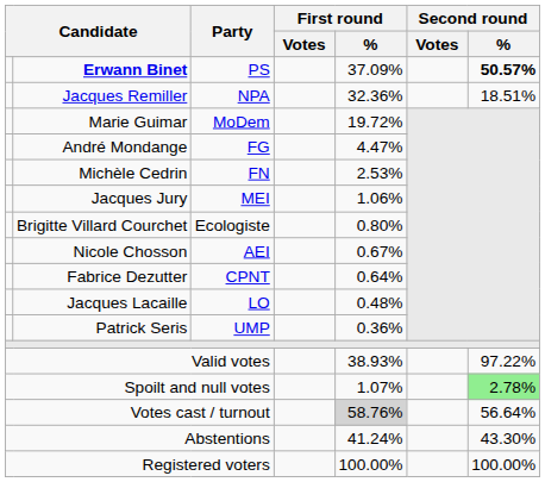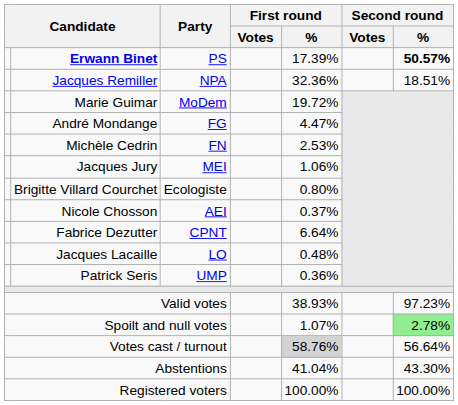 <table class="wikitable" style="text-align:right;font-size:95%;">
 <tr>
 <th rowspan=2 colspan=2>Candidate</th>
 <th rowspan=2 colspan=1>Party</th>
 <th colspan=2>First round</th>
 <th colspan=2>Second round</th>
 </tr>
 <tr>
 <th style="width:50px;">Votes</th>
 <th style="width:55px;">%</th>
 <th style="width:50px;">Votes</th>
 <th style="width:55px;">%</th>
 </tr>
 <tr>
 <td style="color:inherit;background-color:"></td>
 <td><strong><a href='#'>Erwann Binet</a></strong></td>
 <td><a href='#'>PS</a></td>
 <td></td>
-<td>37.09%</td>
+<td>17.39%</td>
 <td><strong></strong></td>
 <td><strong>50.57%</strong></td>
 </tr>
 <tr>
 <td style="color:inherit;background-color:"></td>
 <td><a href='#'>Jacques Remiller</a></td>
 <td><a href='#'>NPA</a></td>
 <td></td>
 <td>32.36%</td>
 <td></td>
 <td>18.51%</td>
 </tr>
 <tr>
 <td style="color:inherit;background-color:"></td>
 <td>Marie Guimar</td>
 <td><a href='#'>MoDem</a></td>
 <td></td>
 <td>19.72%</td>
 <td colspan=7 rowspan=9 style="background-color:#E9E9E9;"></td>
 </tr>
 <tr>
 <td style="color:inherit;background-color:"></td>
 <td>André Mondange</td>
 <td><a href='#'>FG</a></td>
 <td></td>
 <td>4.47%</td>
 </tr>
 <tr>
 <td style="color:inherit;background-color:"></td>
 <td>Michèle Cedrin</td>
 <td><a href='#'>FN</a></td>
 <td></td>
 <td>2.53%</td>
 </tr>
 <tr>
 <td style="color:inherit;background-color:"></td>
 <td>Jacques Jury</td>
 <td><a href='#'>MEI</a></td>
 <td></td>
 <td>1.06%</td>
 </tr>
 <tr>
 <td style="background-color:;"></td>
 <td>Brigitte Villard Courchet</td>
 <td>Ecologiste</td>
 <td></td>
 <td>0.80%</td>
 </tr>
 <tr>
 <td style="color:inherit;background-color:"></td>
 <td>Nicole Chosson</td>
 <td><a href='#'>AEI</a></td>
 <td></td>
-<td>0.67%</td>
+<td>0.37%</td>
 </tr>
 <tr>
 <td style="color:inherit;background-color:"></td>
 <td>Fabrice Dezutter</td>
 <td><a href='#'>CPNT</a></td>
 <td></td>
-<td>0.64%</td>
+<td>6.64%</td>
 </tr>
 <tr>
 <td style="color:inherit;background-color:"></td>
 <td>Jacques Lacaille</td>
 <td><a href='#'>LO</a></td>
 <td></td>
 <td>0.48%</td>
 </tr>
 <tr>
 <td style="color:inherit;background-color:"></td>
 <td>Patrick Seris</td>
 <td><a href='#'>UMP</a></td>
 <td></td>
 <td>0.36%</td>
 </tr>
 <tr>
 <td colspan=7 style="background-color:#E9E9E9;"></td>
 </tr>
 <tr>
 <td colspan=3>Valid votes</td>
 <td></td>
 <td>38.93%</td>
 <td></td>
-<td>97.22%</td>
+<td>97.23%</td>
 </tr>
 <tr>
 <td colspan=3>Spoilt and null votes</td>
 <td></td>
 <td>1.07%</td>
 <td></td>
 <td style="background: lightgreen;">2.78%</td>
 </tr>
 <tr>
 <td colspan=3>Votes cast / turnout</td>
 <td></td>
 <td style="background: lightgrey;">58.76%</td>
 <td></td>
 <td>56.64%</td>
 </tr>
 <tr>
 <td colspan=3>Abstentions</td>
 <td></td>
-<td>41.24%</td>
+<td>41.04%</td>
 <td></td>
 <td>43.30%</td>
 </tr>
 <tr>
 <td colspan=3>Registered voters</td>
 <td></td>
 <td>100.00%</td>
 <td></td>
 <td>100.00%</td>
 </tr>
 </table>
